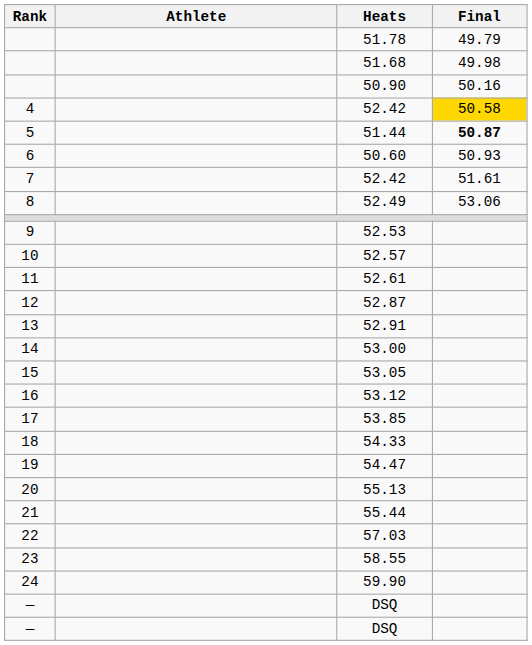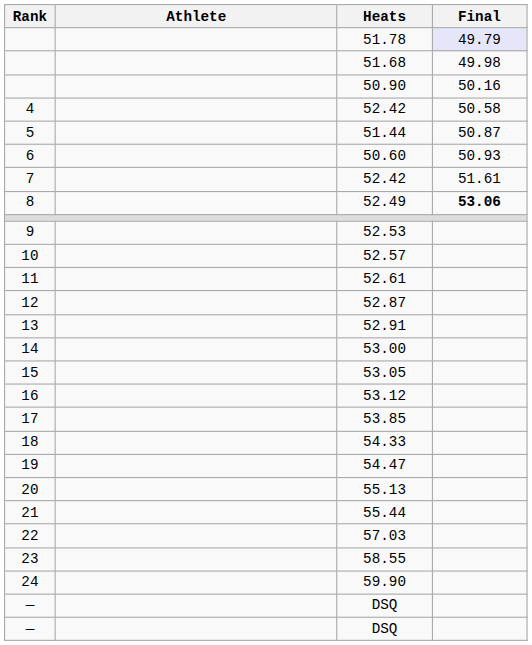 <table class=wikitable style="text-align:center">
 <tr>
 <th width=40>Rank</th>
 <th width=250>Athlete</th>
 <th width=80>Heats</th>
 <th width=80>Final</th>
 </tr>
 <tr>
 <td></td>
 <td align=left></td>
 <td>51.78</td>
-<td>49.79</td>
+<td style="background: lavender;">49.79</td>
 </tr>
 <tr>
 <td></td>
 <td align=left></td>
 <td>51.68</td>
 <td>49.98</td>
 </tr>
 <tr>
 <td></td>
 <td align=left></td>
 <td>50.90</td>
 <td>50.16</td>
 </tr>
 <tr>
 <td>4</td>
 <td align=left></td>
 <td>52.42</td>
-<td style="background: gold;">50.58</td>
+<td>50.58</td>
 </tr>
 <tr>
 <td>5</td>
 <td align=left></td>
 <td>51.44</td>
-<td><strong>50.87</strong></td>
+<td>50.87</td>
 </tr>
 <tr>
 <td>6</td>
 <td align=left></td>
 <td>50.60</td>
 <td>50.93</td>
 </tr>
 <tr>
 <td>7</td>
 <td align=left></td>
 <td>52.42</td>
 <td>51.61</td>
 </tr>
 <tr>
 <td>8</td>
 <td align=left></td>
 <td>52.49</td>
-<td>53.06</td>
+<td><strong>53.06</strong></td>
 </tr>
 <tr bgcolor=#DDDDDD>
 <td colspan=4></td>
 </tr>
 <tr>
 <td>9</td>
 <td align=left></td>
 <td>52.53</td>
 <td></td>
 </tr>
 <tr>
 <td>10</td>
 <td align=left></td>
 <td>52.57</td>
 <td></td>
 </tr>
 <tr>
 <td>11</td>
 <td align=left></td>
 <td>52.61</td>
 <td></td>
 </tr>
 <tr>
 <td>12</td>
 <td align=left></td>
 <td>52.87</td>
 <td></td>
 </tr>
 <tr>
 <td>13</td>
 <td align=left></td>
 <td>52.91</td>
 <td></td>
 </tr>
 <tr>
 <td>14</td>
 <td align=left></td>
 <td>53.00</td>
 <td></td>
 </tr>
 <tr>
 <td>15</td>
 <td align=left></td>
 <td>53.05</td>
 <td></td>
 </tr>
 <tr>
 <td>16</td>
 <td align=left></td>
 <td>53.12</td>
 <td></td>
 </tr>
 <tr>
 <td>17</td>
 <td align=left></td>
 <td>53.85</td>
 <td></td>
 </tr>
 <tr>
 <td>18</td>
 <td align=left></td>
 <td>54.33</td>
 <td></td>
 </tr>
 <tr>
 <td>19</td>
 <td align=left></td>
 <td>54.47</td>
 <td></td>
 </tr>
 <tr>
 <td>20</td>
 <td align=left></td>
 <td>55.13</td>
 <td></td>
 </tr>
 <tr>
 <td>21</td>
 <td align=left></td>
 <td>55.44</td>
 <td></td>
 </tr>
 <tr>
 <td>22</td>
 <td align=left></td>
 <td>57.03</td>
 <td></td>
 </tr>
 <tr>
 <td>23</td>
 <td align=left></td>
 <td>58.55</td>
 <td></td>
 </tr>
 <tr>
 <td>24</td>
 <td align=left></td>
 <td>59.90</td>
 <td></td>
 </tr>
 <tr>
 <td>—</td>
 <td align=left></td>
 <td>DSQ</td>
 <td></td>
 </tr>
 <tr>
 <td>—</td>
 <td align=left></td>
 <td>DSQ</td>
 <td></td>
 </tr>
 </table>
